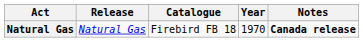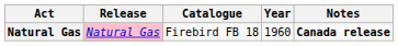 <table class="wikitable plainrowheaders sortable">
 <tr>
 <th scope="col" class="unsortable">Act</th>
 <th scope="col">Release</th>
 <th scope="col">Catalogue</th>
 <th scope="col">Year</th>
 <th scope="col" class="unsortable">Notes</th>
 </tr>
 <tr>
 <th scope="row">Natural Gas</th>
-<td><em><a href='#'>Natural Gas</a></em></td>
+<td style="background: pink;"><em><a href='#'>Natural Gas</a></em></td>
 <td>Firebird FB 18</td>
-<td>1970</td>
+<td>1960</td>
 <td><strong>Canada release</strong></td>
 </tr>
 </table>
